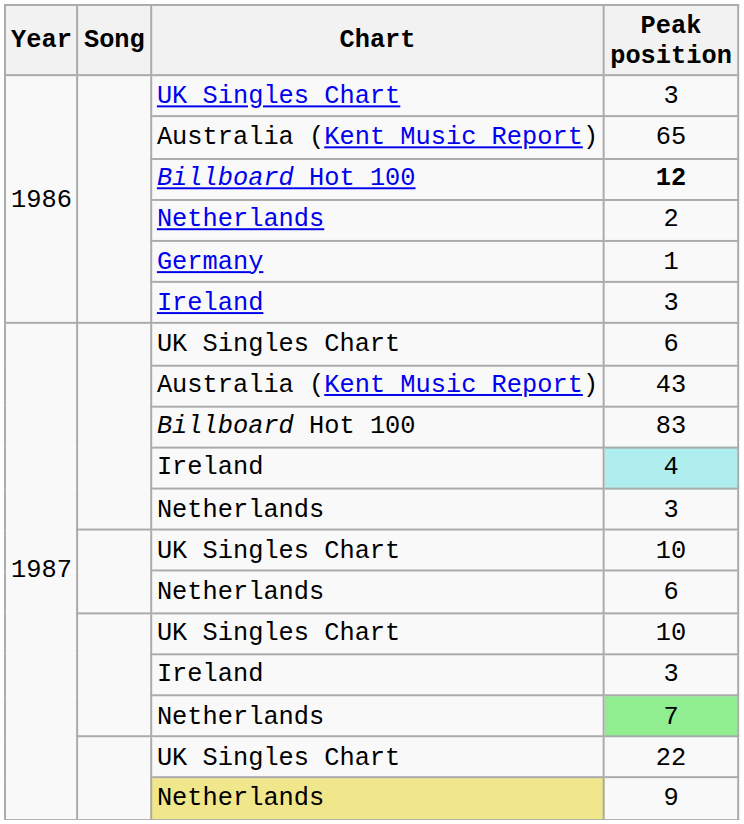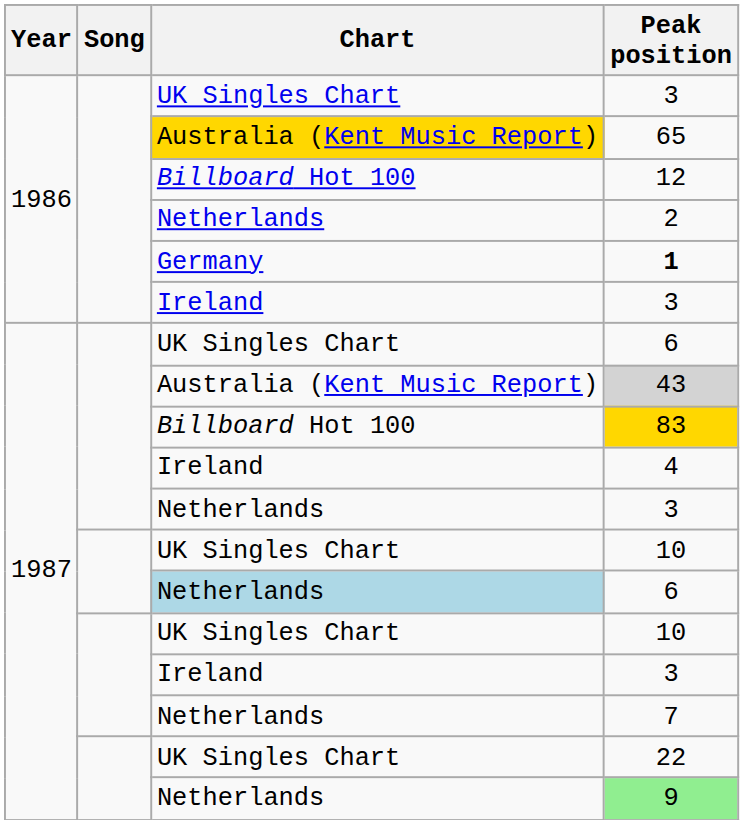 <table class="wikitable">
 <tr>
 <th>Year</th>
 <th>Song</th>
 <th>Chart</th>
 <th>Peak<br> position</th>
 </tr>
 <tr>
 <td rowspan="6">1986</td>
 <td rowspan="6"></td>
 <td><a href='#'>UK Singles Chart</a></td>
 <td align="center">3</td>
 </tr>
 <tr>
-<td>Australia (<a href='#'>Kent Music Report</a>)</td>
+<td style="background: gold;">Australia (<a href='#'>Kent Music Report</a>)</td>
 <td align="center">65</td>
 </tr>
 <tr>
 <td><a href='#'><em>Billboard</em> Hot 100</a></td>
-<td align="center"><strong>12</strong></td>
+<td align="center">12</td>
 </tr>
 <tr>
 <td><a href='#'>Netherlands</a></td>
 <td align="center">2</td>
 </tr>
 <tr>
 <td><a href='#'>Germany</a></td>
-<td align="center">1</td>
+<td align="center"><strong>1</strong></td>
 </tr>
 <tr>
 <td><a href='#'>Ireland</a></td>
 <td align="center">3</td>
 </tr>
 <tr>
 <td rowspan="12">1987</td>
 <td rowspan="5"></td>
 <td>UK Singles Chart</td>
 <td align="center">6</td>
 </tr>
 <tr>
 <td>Australia (<a href='#'>Kent Music Report</a>)</td>
-<td align="center">43</td>
+<td align="center" style="background: lightgrey;">43</td>
 </tr>
 <tr>
 <td><em>Billboard</em> Hot 100</td>
-<td align="center">83</td>
+<td align="center" style="background: gold;">83</td>
 </tr>
 <tr>
 <td>Ireland</td>
-<td align="center" style="background: paleturquoise;">4</td>
+<td align="center">4</td>
 </tr>
 <tr>
 <td>Netherlands</td>
 <td align="center">3</td>
 </tr>
 <tr>
 <td rowspan="2"></td>
 <td>UK Singles Chart</td>
 <td align="center">10</td>
 </tr>
 <tr>
-<td>Netherlands</td>
+<td style="background: lightblue;">Netherlands</td>
 <td align="center">6</td>
 </tr>
 <tr>
 <td rowspan="3"></td>
 <td>UK Singles Chart</td>
 <td align="center">10</td>
 </tr>
 <tr>
 <td>Ireland</td>
 <td align="center">3</td>
 </tr>
 <tr>
 <td>Netherlands</td>
-<td align="center" style="background: lightgreen;">7</td>
+<td align="center">7</td>
 </tr>
 <tr>
 <td rowspan="2"></td>
 <td>UK Singles Chart</td>
 <td align="center">22</td>
 </tr>
 <tr>
-<td style="background: khaki;">Netherlands</td>
-<td align="center">9</td>
+<td>Netherlands</td>
+<td align="center" style="background: lightgreen;">9</td>
 </tr>
 </table>
